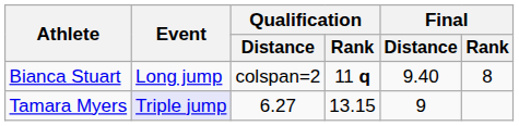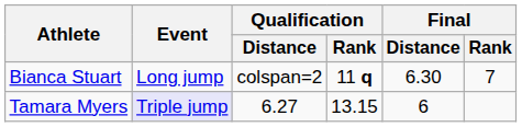 <table class=wikitable style="font-size:90%">
 <tr>
 <th rowspan=2>Athlete</th>
 <th rowspan=2>Event</th>
 <th colspan=2>Qualification</th>
 <th colspan=2>Final</th>
 </tr>
 <tr style="font-size:95%">
 <th>Distance</th>
 <th>Rank</th>
 <th>Distance</th>
 <th>Rank</th>
 </tr>
 <tr align=center>
 <td align=left><a href='#'>Bianca Stuart</a></td>
 <td align=left><a href='#'>Long jump</a></td>
 <td>colspan=2 </td>
 <td>11 <strong>q</strong></td>
-<td>9.40</td>
-<td>8</td>
+<td>6.30</td>
+<td>7</td>
 </tr>
 <tr align=center>
 <td align=left><a href='#'>Tamara Myers</a></td>
 <td align=left style="background: lavender;"><a href='#'>Triple jump</a></td>
 <td>6.27</td>
 <td>13.15</td>
-<td>9</td>
+<td>6</td>
 </tr>
 </table>
